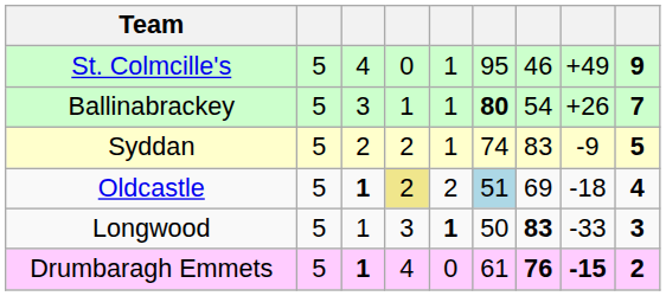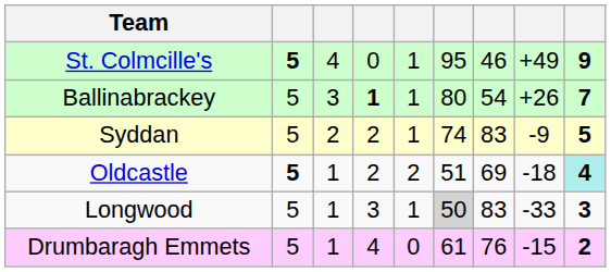 <table class="wikitable" style="text-align:center">
 <tr>
 <th style="width:175px;">Team</th>
 <th width="20"></th>
 <th width="20"></th>
 <th width="20"></th>
 <th width="20"></th>
 <th width="20"></th>
 <th width="20"></th>
 <th width="20"></th>
 <th width="20"></th>
 </tr>
 <tr style="background:#cfc;">
 <td><a href='#'>St. Colmcille's</a></td>
-<td>5</td>
+<td><strong>5</strong></td>
 <td>4</td>
 <td>0</td>
 <td>1</td>
 <td>95</td>
 <td>46</td>
 <td>+49</td>
 <td><strong>9</strong></td>
 </tr>
 <tr style="background:#cfc;">
 <td>Ballinabrackey</td>
 <td>5</td>
 <td>3</td>
+<td><strong>1</strong></td>
 <td>1</td>
-<td>1</td>
-<td><strong>80</strong></td>
+<td>80</td>
 <td>54</td>
 <td>+26</td>
 <td><strong>7</strong></td>
 </tr>
 <tr style="background:#ffffcc;">
 <td>Syddan</td>
 <td>5</td>
 <td>2</td>
 <td>2</td>
 <td>1</td>
 <td>74</td>
 <td>83</td>
 <td>-9</td>
 <td><strong>5</strong></td>
 </tr>
 <tr>
 <td><a href='#'>Oldcastle</a></td>
-<td>5</td>
-<td><strong>1</strong></td>
-<td style="background: khaki;">2</td>
+<td><strong>5</strong></td>
+<td>1</td>
 <td>2</td>
-<td style="background: lightblue;">51</td>
+<td>2</td>
+<td>51</td>
 <td>69</td>
 <td>-18</td>
-<td><strong>4</strong></td>
+<td style="background: paleturquoise;"><strong>4</strong></td>
 </tr>
 <tr>
 <td>Longwood</td>
 <td>5</td>
 <td>1</td>
 <td>3</td>
-<td><strong>1</strong></td>
-<td>50</td>
-<td><strong>83</strong></td>
+<td>1</td>
+<td style="background: lightgrey;">50</td>
+<td>83</td>
 <td>-33</td>
 <td><strong>3</strong></td>
 </tr>
 <tr style="background:#fcf;">
 <td>Drumbaragh Emmets</td>
 <td>5</td>
-<td><strong>1</strong></td>
+<td>1</td>
 <td>4</td>
 <td>0</td>
 <td>61</td>
-<td><strong>76</strong></td>
-<td><strong>-15</strong></td>
+<td>76</td>
+<td>-15</td>
 <td><strong>2</strong></td>
 </tr>
 </table>
